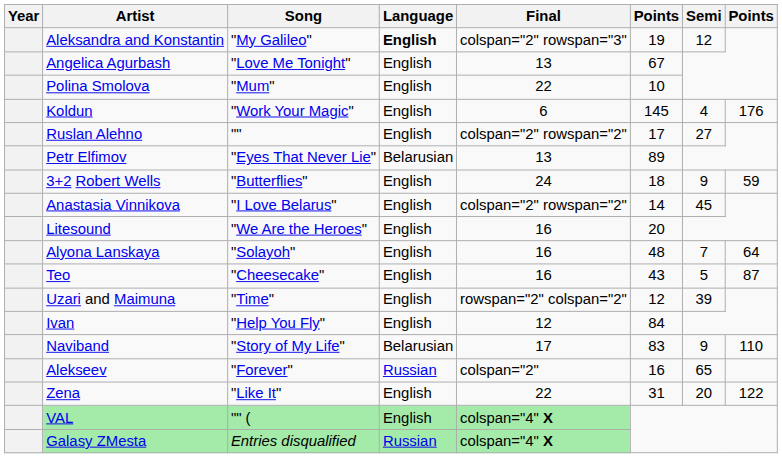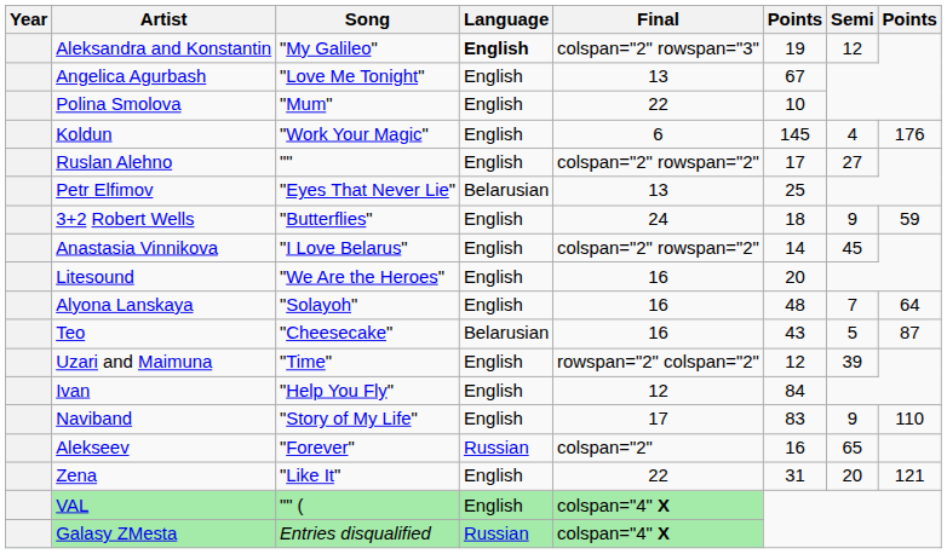 <table class="wikitable sortable plainrowheaders">
 <tr>
 <th scope="col">Year</th>
 <th scope="col">Artist</th>
 <th scope="col">Song</th>
 <th scope="col">Language</th>
 <th scope="col" data-sort-type="number">Final</th>
 <th scope="col" data-sort-type="number">Points</th>
 <th scope="col" data-sort-type="number">Semi</th>
 <th scope="col" data-sort-type="number">Points</th>
 </tr>
 <tr>
 <th scope="row" style="text-align:center;"></th>
 <td><a href='#'>Aleksandra and Konstantin</a></td>
 <td>"<a href='#'>My Galileo</a>"</td>
 <td><strong>English</strong></td>
 <td>colspan="2" rowspan="3" </td>
 <td style="text-align:center;">19</td>
 <td style="text-align:center;">12</td>
 </tr>
 <tr>
 <th scope="row" style="text-align:center;"></th>
 <td><a href='#'>Angelica Agurbash</a></td>
 <td>"<a href='#'>Love Me Tonight</a>"</td>
 <td>English</td>
 <td style="text-align:center;">13</td>
 <td style="text-align:center;">67</td>
 </tr>
 <tr>
 <th scope="row" style="text-align:center;"></th>
 <td><a href='#'>Polina Smolova</a></td>
 <td>"<a href='#'>Mum</a>"</td>
 <td>English</td>
 <td style="text-align:center;">22</td>
 <td style="text-align:center;">10</td>
 </tr>
 <tr>
 <th scope="row" style="text-align:center;"></th>
 <td><a href='#'>Koldun</a></td>
 <td>"<a href='#'>Work Your Magic</a>"</td>
 <td>English</td>
 <td style="text-align:center;">6</td>
 <td style="text-align:center;">145</td>
 <td style="text-align:center;">4</td>
 <td style="text-align:center;">176</td>
 </tr>
 <tr>
 <th scope="row" style="text-align:center;"></th>
 <td><a href='#'>Ruslan Alehno</a></td>
 <td>""</td>
 <td>English</td>
 <td>colspan="2" rowspan="2" </td>
 <td style="text-align:center;">17</td>
 <td style="text-align:center;">27</td>
 </tr>
 <tr>
 <th scope="row" style="text-align:center;"></th>
 <td><a href='#'>Petr Elfimov</a></td>
 <td>"<a href='#'>Eyes That Never Lie</a>"</td>
 <td>Belarusian</td>
 <td style="text-align:center;">13</td>
-<td style="text-align:center;">89</td>
+<td style="text-align:center;">25</td>
 </tr>
 <tr>
 <th scope="row" style="text-align:center;"></th>
 <td><a href='#'>3+2</a>  <a href='#'>Robert Wells</a></td>
 <td>"<a href='#'>Butterflies</a>"</td>
 <td>English</td>
 <td style="text-align:center;">24</td>
 <td style="text-align:center;">18</td>
 <td style="text-align:center;">9</td>
 <td style="text-align:center;">59</td>
 </tr>
 <tr>
 <th scope="row" style="text-align:center;"></th>
 <td><a href='#'>Anastasia Vinnikova</a></td>
 <td>"<a href='#'>I Love Belarus</a>"</td>
 <td>English</td>
 <td>colspan="2" rowspan="2" </td>
 <td style="text-align:center;">14</td>
 <td style="text-align:center;">45</td>
 </tr>
 <tr>
 <th scope="row" style="text-align:center;"></th>
 <td><a href='#'>Litesound</a></td>
 <td>"<a href='#'>We Are the Heroes</a>"</td>
 <td>English</td>
 <td style="text-align:center;">16</td>
 <td style="text-align:center;">20</td>
 </tr>
 <tr>
 <th scope="row" style="text-align:center;"></th>
 <td><a href='#'>Alyona Lanskaya</a></td>
 <td>"<a href='#'>Solayoh</a>"</td>
 <td>English</td>
 <td style="text-align:center;">16</td>
 <td style="text-align:center;">48</td>
 <td style="text-align:center;">7</td>
 <td style="text-align:center;">64</td>
 </tr>
 <tr>
 <th scope="row" style="text-align:center;"></th>
 <td><a href='#'>Teo</a></td>
 <td>"<a href='#'>Cheesecake</a>"</td>
-<td>English</td>
+<td>Belarusian</td>
 <td style="text-align:center;">16</td>
 <td style="text-align:center;">43</td>
 <td style="text-align:center;">5</td>
 <td style="text-align:center;">87</td>
 </tr>
 <tr>
 <th scope="row" style="text-align:center;"></th>
 <td><a href='#'>Uzari</a> and <a href='#'>Maimuna</a></td>
 <td>"<a href='#'>Time</a>"</td>
 <td>English</td>
 <td>rowspan="2" colspan="2" </td>
 <td style="text-align:center;">12</td>
 <td style="text-align:center;">39</td>
 </tr>
 <tr>
 <th scope="row" style="text-align:center;"></th>
 <td><a href='#'>Ivan</a></td>
 <td>"<a href='#'>Help You Fly</a>"</td>
 <td>English</td>
 <td style="text-align:center;">12</td>
 <td style="text-align:center;">84</td>
 </tr>
 <tr>
 <th scope="row" style="text-align:center;"></th>
 <td><a href='#'>Naviband</a></td>
 <td>"<a href='#'>Story of My Life</a>"</td>
-<td>Belarusian</td>
+<td>English</td>
 <td style="text-align:center;">17</td>
 <td style="text-align:center;">83</td>
 <td style="text-align:center;">9</td>
 <td style="text-align:center;">110</td>
 </tr>
 <tr>
 <th scope="row" style="text-align:center;"></th>
 <td><a href='#'>Alekseev</a></td>
 <td>"<a href='#'>Forever</a>"</td>
 <td><a href='#'>Russian</a></td>
 <td>colspan="2" </td>
 <td style="text-align:center;">16</td>
 <td style="text-align:center;">65</td>
 </tr>
 <tr>
 <th scope="row" style="text-align:center;"></th>
 <td><a href='#'>Zena</a></td>
 <td>"<a href='#'>Like It</a>"</td>
 <td>English</td>
 <td style="text-align:center;">22</td>
 <td style="text-align:center;">31</td>
 <td style="text-align:center;">20</td>
-<td style="text-align:center;">122</td>
+<td style="text-align:center;">121</td>
 </tr>
 <tr style="background-color:#A4EAA9;">
 <th scope="row" style="text-align:center;"></th>
 <td><a href='#'>VAL</a></td>
 <td>"" (</td>
 <td>English</td>
 <td>colspan="4"  <strong>X</strong></td>
 </tr>
 <tr style="background-color:#A4EAA9;">
 <th scope="row" style="text-align:center;"></th>
 <td><a href='#'>Galasy ZMesta</a></td>
 <td><em>Entries disqualified</em></td>
 <td><a href='#'>Russian</a></td>
 <td>colspan="4"  <strong>X</strong></td>
 </tr>
 </table>
